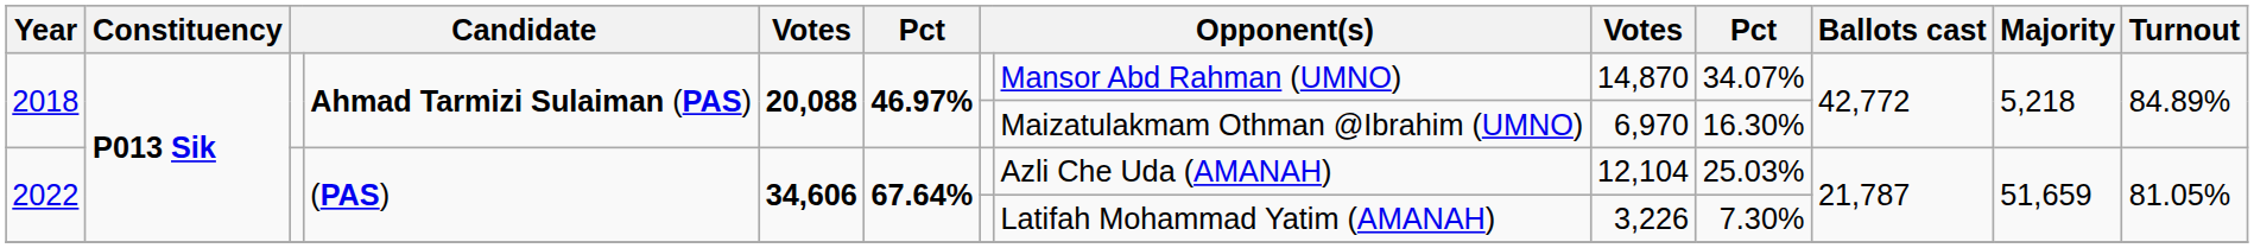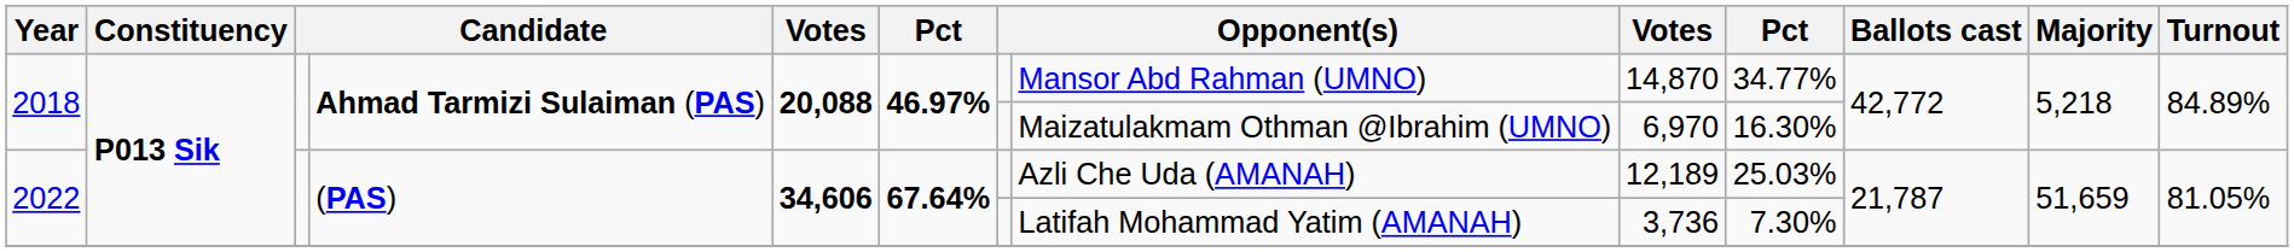 <table class="wikitable" style="margin:0.5em ; font-size:95%">
 <tr>
 <th>Year</th>
 <th>Constituency</th>
 <th colspan=2>Candidate</th>
 <th>Votes</th>
 <th>Pct</th>
 <th colspan=2>Opponent(s)</th>
 <th>Votes</th>
 <th>Pct</th>
 <th>Ballots cast</th>
 <th>Majority</th>
 <th>Turnout</th>
 </tr>
 <tr>
 <td rowspan="2"><a href='#'>2018</a></td>
 <td rowspan="4"><strong>P013 <a href='#'>Sik</a></strong></td>
 <td rowspan="2" ></td>
 <td rowspan="2"><strong>Ahmad Tarmizi Sulaiman</strong> (<a href='#'><strong>PAS</strong></a>)</td>
 <td rowspan="2" align=right><strong>20,088</strong></td>
 <td rowspan="2"><strong>46.97%</strong></td>
 <td></td>
 <td><a href='#'>Mansor Abd Rahman</a> (<a href='#'>UMNO</a>)</td>
 <td>14,870</td>
-<td>34.07%</td>
+<td>34.77%</td>
 <td rowspan="2">42,772</td>
 <td rowspan="2">5,218</td>
 <td rowspan="2">84.89%</td>
 </tr>
 <tr>
 <td></td>
 <td>Maizatulakmam Othman @Ibrahim (<a href='#'>UMNO</a>)</td>
 <td align=right>6,970</td>
 <td>16.30%</td>
 </tr>
 <tr>
 <td rowspan=2><a href='#'>2022</a></td>
 <td rowspan=2 bgcolor=></td>
 <td rowspan=2> (<a href='#'><strong>PAS</strong></a>)</td>
 <td rowspan=2 align="right"><strong>34,606</strong></td>
 <td rowspan=2><strong>67.64%</strong></td>
 <td></td>
 <td>Azli Che Uda (<a href='#'>AMANAH</a>)</td>
-<td align="right">12,104</td>
+<td align="right">12,189</td>
 <td>25.03%</td>
 <td rowspan=2>21,787</td>
 <td rowspan=2>51,659</td>
 <td rowspan=2>81.05%</td>
 </tr>
 <tr>
 <td></td>
 <td>Latifah Mohammad Yatim (<a href='#'>AMANAH</a>)</td>
-<td align="right">3,226</td>
+<td align="right">3,736</td>
 <td align=right>7.30%</td>
 </tr>
 <tr>
 </tr>
 </table>
